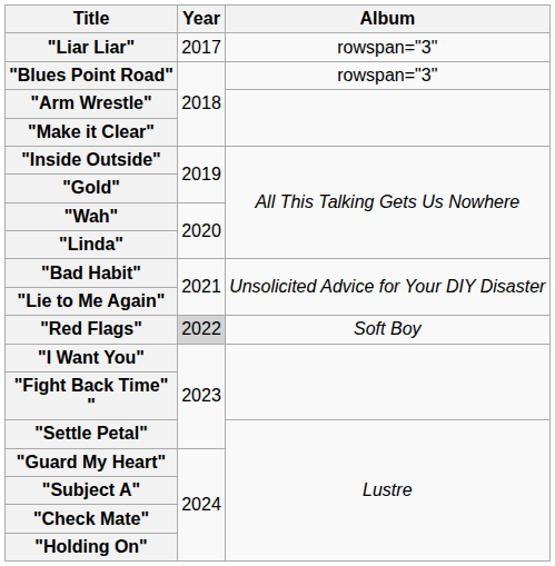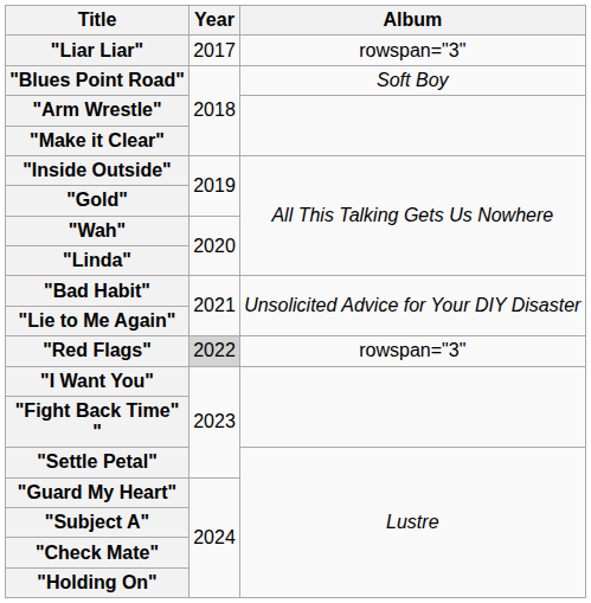 <table class="wikitable plainrowheaders" style="text-align:center;">
 <tr>
 <th>Title</th>
 <th>Year</th>
 <th>Album</th>
 </tr>
 <tr>
 <th scope="row">"Liar Liar"</th>
 <td>2017</td>
 <td>rowspan="3" </td>
 </tr>
 <tr>
 <th scope="row">"Blues Point Road"</th>
 <td rowspan="3">2018</td>
-<td>rowspan="3" </td>
+<td><em>Soft Boy</em></td>
 </tr>
 <tr>
 <th scope="row">"Arm Wrestle"</th>
 </tr>
 <tr>
 <th scope="row">"Make it Clear"</th>
 </tr>
 <tr>
 <th scope="row">"Inside Outside"</th>
 <td rowspan="2">2019</td>
 <td rowspan="4"><em>All This Talking Gets Us Nowhere</em></td>
 </tr>
 <tr>
 <th scope="row">"Gold"</th>
 </tr>
 <tr>
 <th scope="row">"Wah"</th>
 <td rowspan="2">2020</td>
 </tr>
 <tr>
 <th scope="row">"Linda"</th>
 </tr>
 <tr>
 <th scope="row">"Bad Habit"</th>
 <td rowspan="2">2021</td>
 <td rowspan="2"><em>Unsolicited Advice for Your DIY Disaster</em></td>
 </tr>
 <tr>
 <th scope="row">"Lie to Me Again"</th>
 </tr>
 <tr>
 <th scope="row">"Red Flags"</th>
 <td style="background: lightgrey;">2022</td>
-<td><em>Soft Boy</em></td>
+<td>rowspan="3" </td>
 </tr>
 <tr>
 <th scope="row">"I Want You"</th>
 <td rowspan="3">2023</td>
 </tr>
 <tr>
 <th scope="row">"Fight Back Time"<br>"</th>
 </tr>
 <tr>
 <th scope="row">"Settle Petal"</th>
 <td rowspan="5"><em>Lustre</em></td>
 </tr>
 <tr>
 <th scope="row">"Guard My Heart"</th>
 <td rowspan="4">2024</td>
 </tr>
 <tr>
 <th scope="row">"Subject A"</th>
 </tr>
 <tr>
 <th scope="row">"Check Mate"</th>
 </tr>
 <tr>
 <th scope="row">"Holding On"</th>
 </tr>
 </table>
